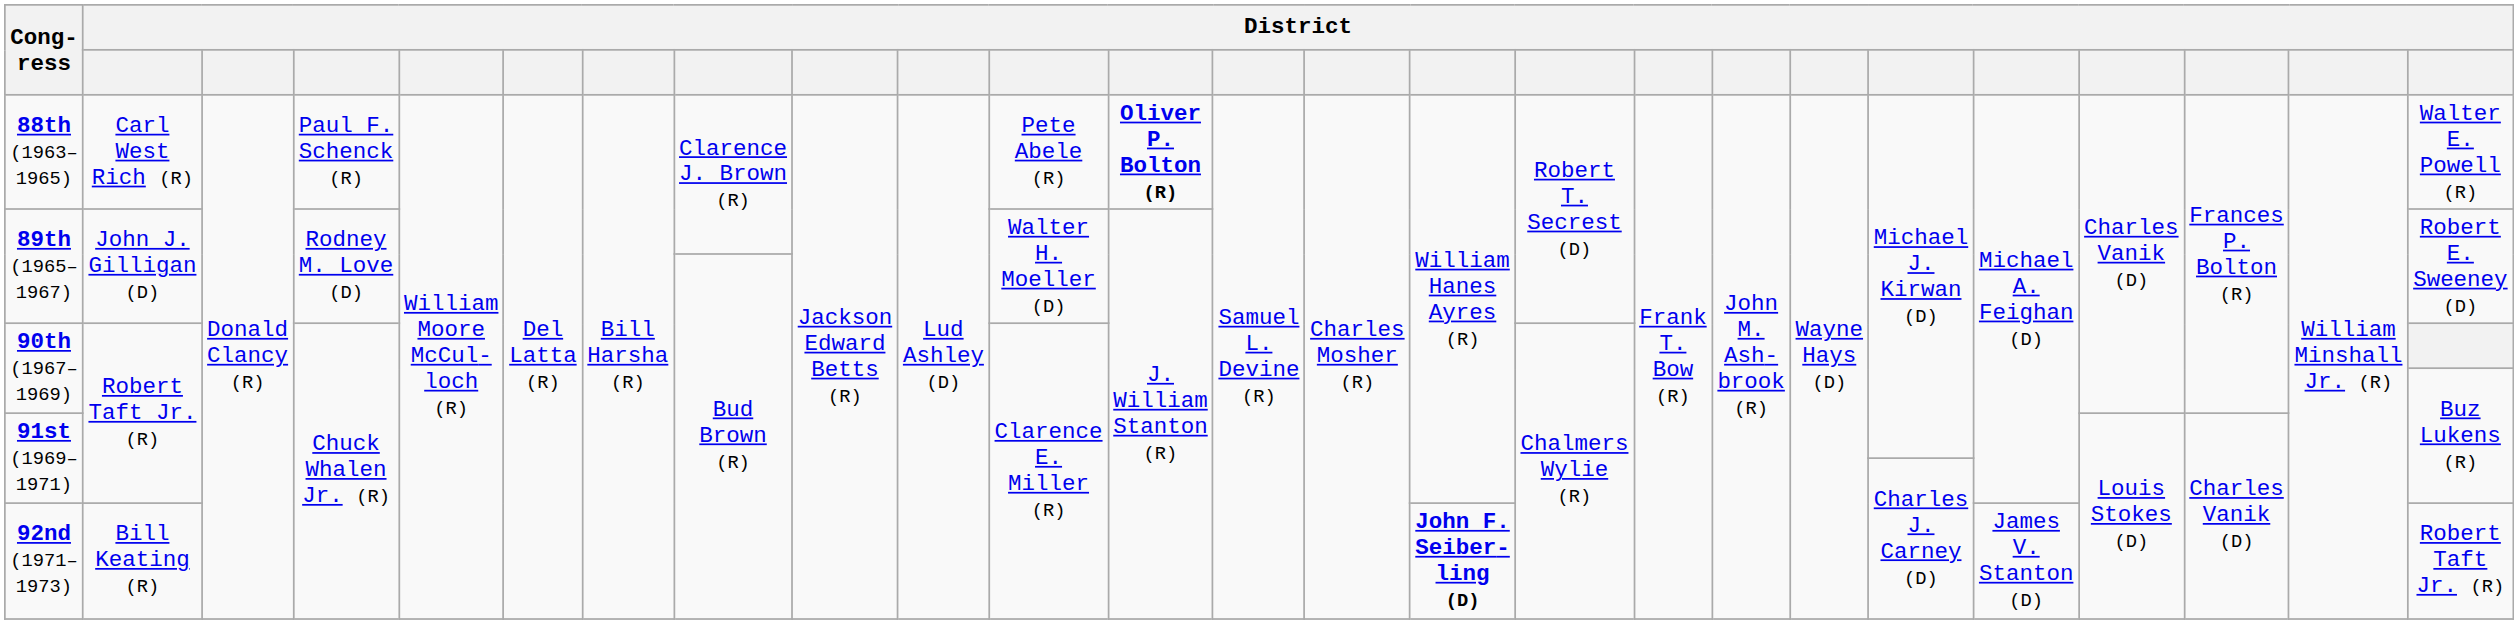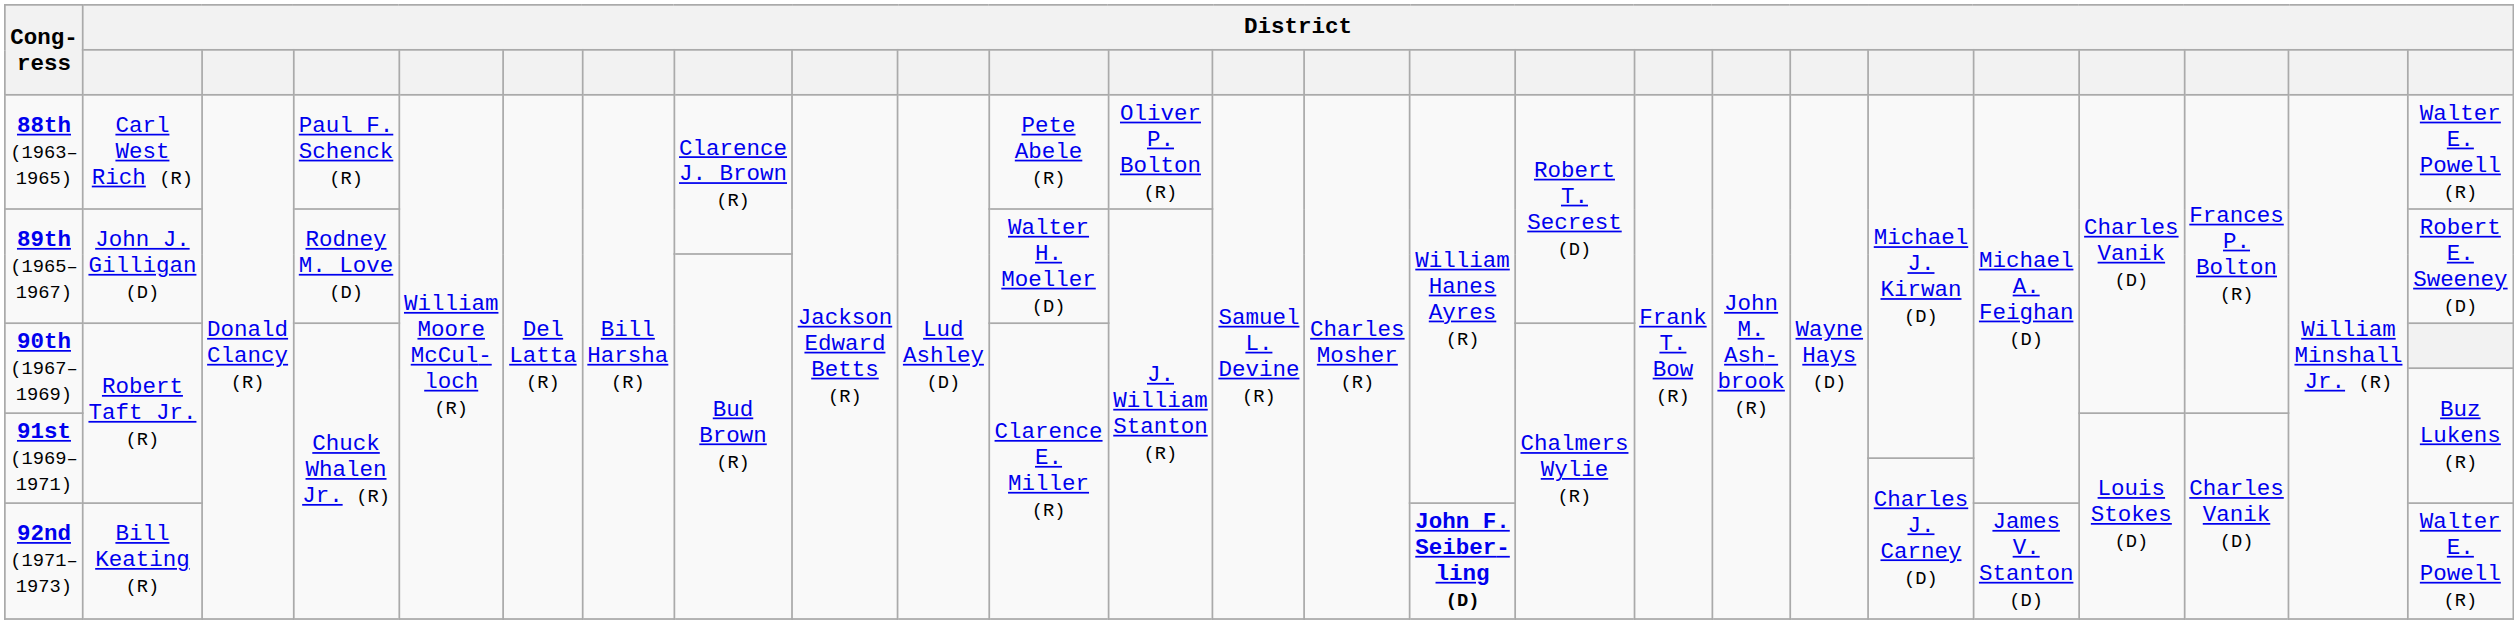 <table class=wikitable style="text-align:center">
 <tr style="height:2em">
 <th rowspan=2>Cong­ress</th>
 <th colspan=24>District</th>
 </tr>
 <tr style="height:2em">
 <th></th>
 <th></th>
 <th></th>
 <th></th>
 <th></th>
 <th></th>
 <th></th>
 <th></th>
 <th></th>
 <th></th>
 <th></th>
 <th></th>
 <th></th>
 <th></th>
 <th></th>
 <th></th>
 <th></th>
 <th></th>
 <th></th>
 <th></th>
 <th></th>
 <th></th>
 <th></th>
 <th></th>
 </tr>
 <tr style="height:2em">
 <td><strong><a href='#'>88th</a></strong><br><small>(1963–1965)</small></td>
 <td><a href='#'>Carl West Rich</a> <small>(R)</small></td>
 <td rowspan=8 ><a href='#'>Donald Clancy</a> <small>(R)</small></td>
 <td><a href='#'>Paul F. Schenck</a> <small>(R)</small></td>
 <td rowspan=8 ><a href='#'>William Moore McCul­loch</a> <small>(R)</small></td>
 <td rowspan=8 ><a href='#'>Del Latta</a> <small>(R)</small></td>
 <td rowspan=8 ><a href='#'>Bill Harsha</a> <small>(R)</small></td>
 <td rowspan=2 ><a href='#'>Clarence J. Brown</a> <small>(R)</small></td>
 <td rowspan=8 ><a href='#'>Jackson Edward Betts</a> <small>(R)</small></td>
 <td rowspan=8 ><a href='#'>Lud Ashley</a> <small>(D)</small></td>
 <td><a href='#'>Pete Abele</a> <small>(R)</small></td>
-<td><strong><a href='#'>Oliver P. Bolton</a> <small>(R)</small></strong></td>
+<td><a href='#'>Oliver P. Bolton</a> <small>(R)</small></td>
 <td rowspan=8 ><a href='#'>Samuel L. Devine</a> <small>(R)</small></td>
 <td rowspan=8 ><a href='#'>Charles Mosher</a> <small>(R)</small></td>
 <td rowspan=7 ><a href='#'>William Hanes Ayres</a> <small>(R)</small></td>
 <td rowspan=3 ><a href='#'>Robert T. Secrest</a> <small>(D)</small></td>
 <td rowspan=8 ><a href='#'>Frank T. Bow</a> <small>(R)</small></td>
 <td rowspan=8 ><a href='#'>John M. Ash­brook</a> <small>(R)</small></td>
 <td rowspan=8 ><a href='#'>Wayne Hays</a> <small>(D)</small></td>
 <td rowspan=6 ><a href='#'>Michael J. Kirwan</a> <small>(D)</small></td>
 <td rowspan=7 ><a href='#'>Michael A. Feighan</a> <small>(D)</small></td>
 <td rowspan=5 ><a href='#'>Charles Vanik</a> <small>(D)</small></td>
 <td rowspan=5 ><a href='#'>Frances P. Bolton</a> <small>(R)</small></td>
 <td rowspan=8 ><a href='#'>William Minshall Jr.</a> <small>(R)</small></td>
 <td><a href='#'>Walter E. Powell</a> <small>(R)</small></td>
 </tr>
 <tr style="height:2em">
 <td rowspan=2><strong><a href='#'>89th</a></strong><br><small>(1965–1967)</small></td>
 <td rowspan=2 ><a href='#'>John J. Gilligan</a> <small>(D)</small></td>
 <td rowspan=2 ><a href='#'>Rodney M. Love</a> <small>(D)</small></td>
 <td rowspan=2 ><a href='#'>Walter H. Moeller</a> <small>(D)</small></td>
 <td rowspan=7 ><a href='#'>J. William Stanton</a> <small>(R)</small></td>
 <td rowspan=2 ><a href='#'>Robert E. Sweeney</a> <small>(D)</small></td>
 </tr>
 <tr style="height:2em">
 <td rowspan=6 ><a href='#'>Bud Brown</a> <small>(R)</small></td>
 </tr>
 <tr style="height:2em">
 <td rowspan=2><strong><a href='#'>90th</a></strong><br><small>(1967–1969)</small></td>
 <td rowspan=4 ><a href='#'>Robert Taft Jr.</a> <small>(R)</small></td>
 <td rowspan=5 ><a href='#'>Chuck Whalen Jr.</a> <small>(R)</small></td>
 <td rowspan=5 ><a href='#'>Clarence E. Miller</a> <small>(R)</small></td>
 <td rowspan=5 ><a href='#'>Chalmers Wylie</a> <small>(R)</small></td>
 <th></th>
 </tr>
 <tr style="height:2em">
 <td rowspan=3 ><a href='#'>Buz Lukens</a> <small>(R)</small></td>
 </tr>
 <tr style="height:2em">
 <td rowspan=2><strong><a href='#'>91st</a></strong><br><small>(1969–1971)</small></td>
 <td rowspan=3 ><a href='#'>Louis Stokes</a> <small>(D)</small></td>
 <td rowspan=3 ><a href='#'>Charles Vanik</a> <small>(D)</small></td>
 </tr>
 <tr style="height:2em">
 <td rowspan=2 ><a href='#'>Charles J. Carney</a> <small>(D)</small></td>
 </tr>
 <tr style="height:2em">
 <td><strong><a href='#'>92nd</a></strong><br><small>(1971–1973)</small></td>
 <td><a href='#'>Bill Keating</a> <small>(R)</small></td>
 <td><strong><a href='#'>John F. Seiber­ling</a> <small>(D)</small></strong></td>
 <td><a href='#'>James V. Stanton</a> <small>(D)</small></td>
-<td><a href='#'>Robert Taft Jr.</a> <small>(R)</small></td>
+<td><a href='#'>Walter E. Powell</a> <small>(R)</small></td>
 </tr>
 </table>
